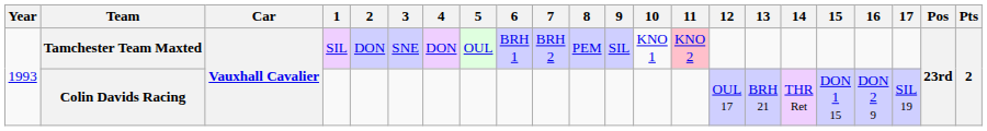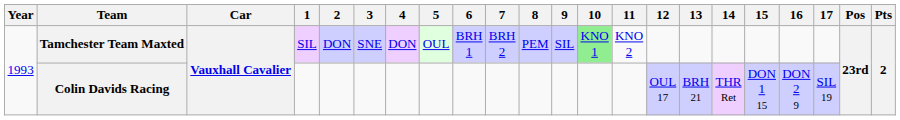 <table class="wikitable" style="text-align:center; font-size:85%">
 <tr>
 <th>Year</th>
 <th>Team</th>
 <th>Car</th>
 <th>1</th>
 <th>2</th>
 <th>3</th>
 <th>4</th>
 <th>5</th>
 <th>6</th>
 <th>7</th>
 <th>8</th>
 <th>9</th>
 <th>10</th>
 <th>11</th>
 <th>12</th>
 <th>13</th>
 <th>14</th>
 <th>15</th>
 <th>16</th>
 <th>17</th>
 <th>Pos</th>
 <th>Pts</th>
 </tr>
 <tr>
 <td rowspan=2><a href='#'>1993</a></td>
 <th>Tamchester Team Maxted</th>
 <th rowspan=2><a href='#'>Vauxhall Cavalier</a></th>
 <td style="background:#EFCFFF;"><a href='#'>SIL</a><br></td>
 <td style="background:#CFCFFF;"><a href='#'>DON</a><br></td>
 <td style="background:#CFCFFF;"><a href='#'>SNE</a><br></td>
 <td style="background:#EFCFFF;"><a href='#'>DON</a><br></td>
 <td style="background:#DFFFDF;"><a href='#'>OUL</a><br></td>
 <td style="background:#CFCFFF;"><a href='#'>BRH<br>1</a><br></td>
 <td style="background:#CFCFFF;"><a href='#'>BRH<br>2</a><br></td>
 <td style="background:#CFCFFF;"><a href='#'>PEM</a><br></td>
 <td style="background:#CFCFFF;"><a href='#'>SIL</a><br></td>
-<td><a href='#'>KNO<br>1</a></td>
-<td style="background: pink;"><a href='#'>KNO<br>2</a></td>
+<td style="background: lightgreen;"><a href='#'>KNO<br>1</a></td>
+<td><a href='#'>KNO<br>2</a></td>
 <td></td>
 <td></td>
 <td></td>
 <td></td>
 <td></td>
 <td></td>
 <th rowspan=2>23rd</th>
 <th rowspan=2>2</th>
 </tr>
 <tr>
 <th>Colin Davids Racing</th>
 <td></td>
 <td></td>
 <td></td>
 <td></td>
 <td></td>
 <td></td>
 <td></td>
 <td></td>
 <td></td>
 <td></td>
 <td></td>
 <td style="background:#CFCFFF;"><a href='#'>OUL</a><br><small>17</small></td>
 <td style="background:#CFCFFF;"><a href='#'>BRH</a><br><small>21</small></td>
 <td style="background:#EFCFFF;"><a href='#'>THR</a><br><small>Ret</small></td>
 <td style="background:#CFCFFF;"><a href='#'>DON<br>1</a><br><small>15</small></td>
 <td style="background:#CFCFFF;"><a href='#'>DON<br>2</a><br><small>9</small></td>
 <td style="background:#CFCFFF;"><a href='#'>SIL</a><br><small>19</small></td>
 </tr>
 </table>
